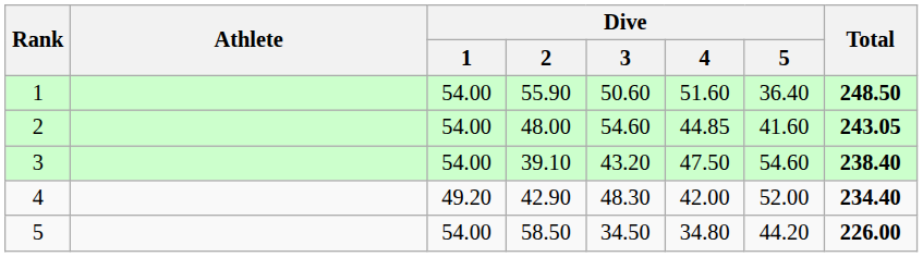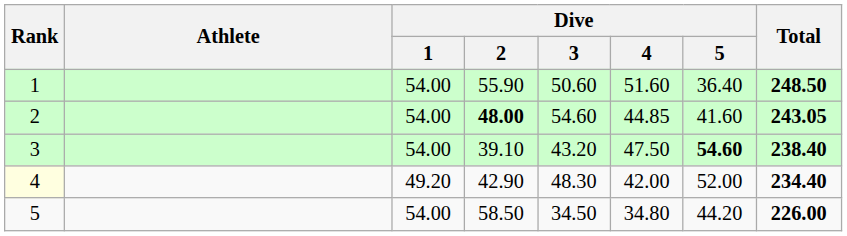 <table class="wikitable" style="text-align:center">
 <tr>
 <th rowspan="2" width="40">Rank</th>
 <th rowspan="2" width="250">Athlete</th>
 <th colspan="5">Dive</th>
 <th rowspan="2" width="60">Total</th>
 </tr>
 <tr>
 <th width="50">1</th>
 <th width="50">2</th>
 <th width="50">3</th>
 <th width="50">4</th>
 <th width="50">5</th>
 </tr>
 <tr bgcolor="ccffcc">
 <td>1</td>
 <td align="left"></td>
 <td>54.00</td>
 <td>55.90</td>
 <td>50.60</td>
 <td>51.60</td>
 <td>36.40</td>
 <td><strong>248.50</strong></td>
 </tr>
 <tr bgcolor="ccffcc">
 <td>2</td>
 <td align="left"></td>
 <td>54.00</td>
-<td>48.00</td>
+<td><strong>48.00</strong></td>
 <td>54.60</td>
 <td>44.85</td>
 <td>41.60</td>
 <td><strong>243.05</strong></td>
 </tr>
 <tr bgcolor="ccffcc">
 <td>3</td>
 <td align="left"></td>
 <td>54.00</td>
 <td>39.10</td>
 <td>43.20</td>
 <td>47.50</td>
-<td>54.60</td>
+<td><strong>54.60</strong></td>
 <td><strong>238.40</strong></td>
 </tr>
 <tr>
-<td>4</td>
+<td style="background: lightyellow;">4</td>
 <td align="left"></td>
 <td>49.20</td>
 <td>42.90</td>
 <td>48.30</td>
 <td>42.00</td>
 <td>52.00</td>
 <td><strong>234.40</strong></td>
 </tr>
 <tr>
 <td>5</td>
 <td align="left"></td>
 <td>54.00</td>
 <td>58.50</td>
 <td>34.50</td>
 <td>34.80</td>
 <td>44.20</td>
 <td><strong>226.00</strong></td>
 </tr>
 </table>
